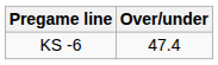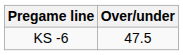 <table class="wikitable" style="margin-left: auto; margin-right: auto; border: none; display: inline-table;">
 <tr align="center">
 <th style=>Pregame line</th>
 <th style=>Over/under</th>
 </tr>
 <tr align="center">
 <td>KS -6</td>
-<td>47.4</td>
+<td>47.5</td>
 </tr>
 </table>
